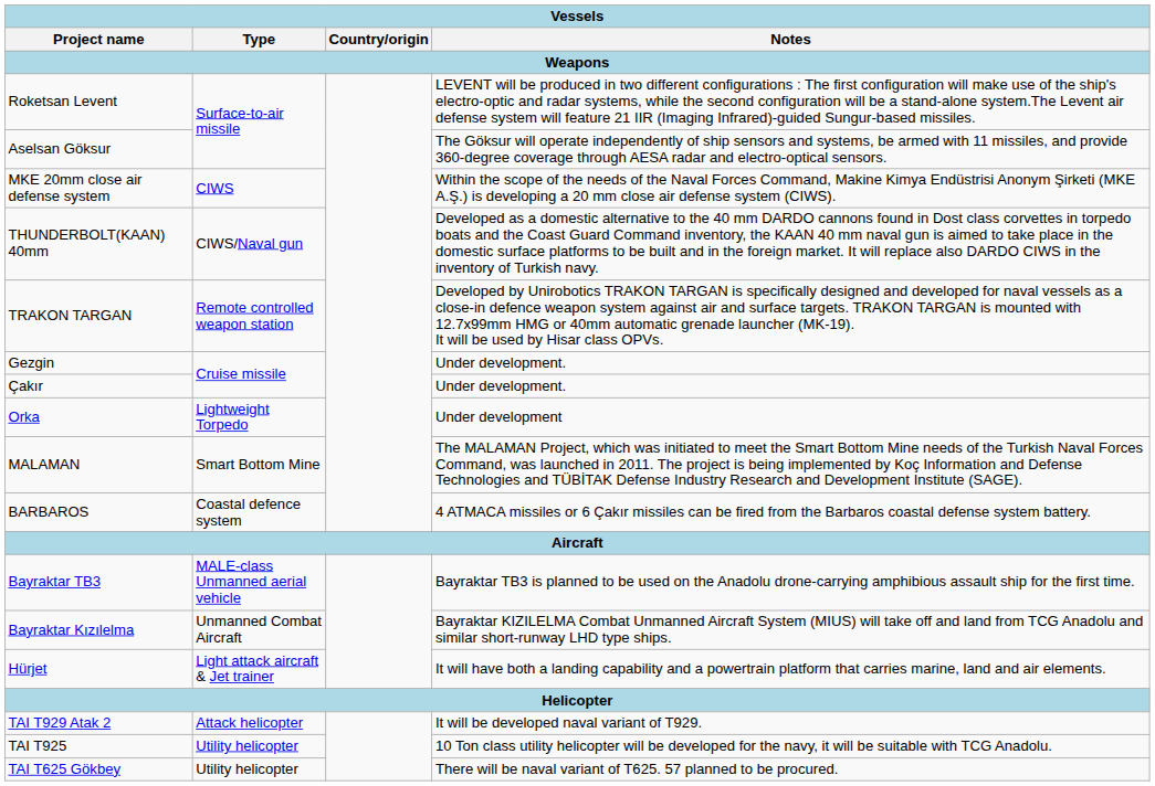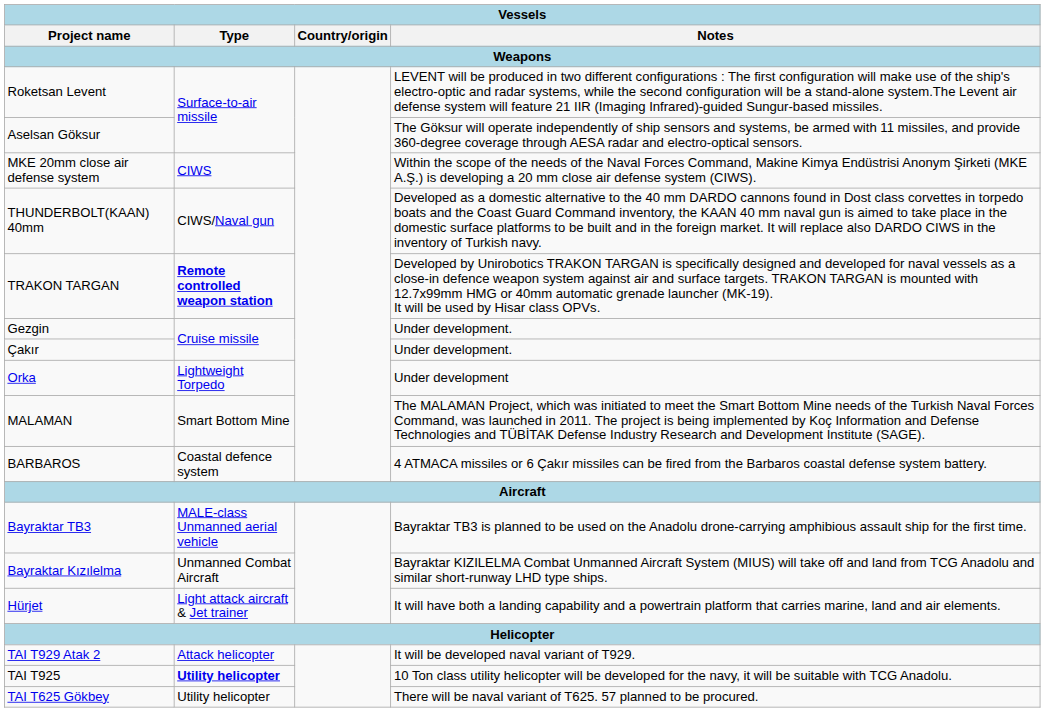 <table class="wikitable" style="margin:auto; width:100%;">
 <tr>
 <th colspan="4" style="background:  Lightblue;">Vessels</th>
 </tr>
 <tr>
 <th>Project name</th>
 <th>Type</th>
 <th>Country/origin</th>
 <th>Notes</th>
 </tr>
 <tr>
 <th colspan="4" style="background:  Lightblue;">Weapons</th>
 </tr>
 <tr>
 <td>Roketsan Levent</td>
 <td rowspan="2"><a href='#'>Surface-to-air missile</a></td>
 <td rowspan="10"></td>
 <td>LEVENT will be produced in two different configurations : The first configuration will make use of the ship's electro-optic and radar systems, while the second configuration will be a stand-alone system.The Levent air defense system will feature 21 IIR (Imaging Infrared)-guided Sungur-based missiles.</td>
 </tr>
 <tr>
 <td>Aselsan Göksur</td>
 <td>The Göksur will operate independently of ship sensors and systems, be armed with 11 missiles, and provide 360-degree coverage through AESA radar and electro-optical sensors.</td>
 </tr>
 <tr>
 <td>MKE 20mm close air defense system</td>
 <td><a href='#'>CIWS</a></td>
 <td>Within the scope of the needs of the Naval Forces Command, Makine Kimya Endüstrisi Anonym Şirketi (MKE A.Ş.) is developing a 20 mm close air defense system (CIWS).</td>
 </tr>
 <tr>
 <td>THUNDERBOLT(KAAN) 40mm</td>
 <td>CIWS/<a href='#'>Naval gun</a></td>
 <td>Developed as a domestic alternative to the 40 mm DARDO cannons found in Dost class corvettes in torpedo boats and the Coast Guard Command inventory, the KAAN 40 mm naval gun is aimed to take place in the domestic surface platforms to be built and in the foreign market. It will replace also DARDO CIWS in the inventory of Turkish navy.</td>
 </tr>
 <tr>
 <td>TRAKON TARGAN</td>
-<td><a href='#'>Remote controlled weapon station</a></td>
+<td><strong><a href='#'>Remote controlled weapon station</a></strong></td>
 <td>Developed by Unirobotics TRAKON TARGAN is specifically designed and developed for naval vessels as a close-in defence weapon system against air and surface targets. TRAKON TARGAN is mounted with 12.7x99mm HMG or 40mm automatic grenade launcher (MK-19).<br>It will be used by Hisar class OPVs.</td>
 </tr>
 <tr>
 <td>Gezgin</td>
 <td rowspan="2"><a href='#'>Cruise missile</a></td>
 <td>Under development.</td>
 </tr>
 <tr>
 <td>Çakır</td>
 <td>Under development.</td>
 </tr>
 <tr>
 <td><a href='#'>Orka</a></td>
 <td><a href='#'>Lightweight Torpedo</a></td>
 <td>Under development</td>
 </tr>
 <tr>
 <td>MALAMAN</td>
 <td>Smart Bottom Mine</td>
 <td>The MALAMAN Project, which was initiated to meet the Smart Bottom Mine needs of the Turkish Naval Forces Command, was launched in 2011. The project is being implemented by Koç Information and Defense Technologies and TÜBİTAK Defense Industry Research and Development Institute (SAGE).</td>
 </tr>
 <tr>
 <td>BARBAROS</td>
 <td>Coastal defence system</td>
 <td>4 ATMACA missiles or 6 Çakır missiles can be fired from the Barbaros coastal defense system battery.</td>
 </tr>
 <tr>
 <th colspan="4" style="background:  Lightblue;">Aircraft</th>
 </tr>
 <tr>
 <td><a href='#'>Bayraktar TB3</a></td>
 <td><a href='#'>MALE-class Unmanned aerial vehicle</a></td>
 <td rowspan="3"></td>
 <td>Bayraktar TB3 is planned to be used on the Anadolu drone-carrying amphibious assault ship for the first time.</td>
 </tr>
 <tr>
 <td><a href='#'>Bayraktar Kızılelma</a></td>
 <td>Unmanned Combat Aircraft</td>
 <td>Bayraktar KIZILELMA Combat Unmanned Aircraft System (MIUS) will take off and land from TCG Anadolu and similar short-runway LHD type ships.</td>
 </tr>
 <tr>
 <td><a href='#'>Hürjet</a></td>
 <td><a href='#'>Light attack aircraft</a> & <a href='#'>Jet trainer</a></td>
 <td>It will have both a landing capability and a powertrain platform that carries marine, land and air elements.</td>
 </tr>
 <tr>
 <th colspan="4"  style="background:  Lightblue;">Helicopter</th>
 </tr>
 <tr>
 <td><a href='#'>TAI T929 Atak 2</a></td>
 <td><a href='#'>Attack helicopter</a></td>
 <td rowspan="3"></td>
 <td>It will be developed naval variant of T929.</td>
 </tr>
 <tr>
 <td>TAI T925</td>
-<td><a href='#'>Utility helicopter</a></td>
+<td><strong><a href='#'>Utility helicopter</a></strong></td>
 <td>10 Ton class utility helicopter will be developed for the navy, it will be suitable with TCG Anadolu.</td>
 </tr>
 <tr>
 <td><a href='#'>TAI T625 Gökbey</a></td>
 <td>Utility helicopter</td>
 <td>There will be naval variant of T625. 57 planned to be procured.</td>
 </tr>
 </table>
